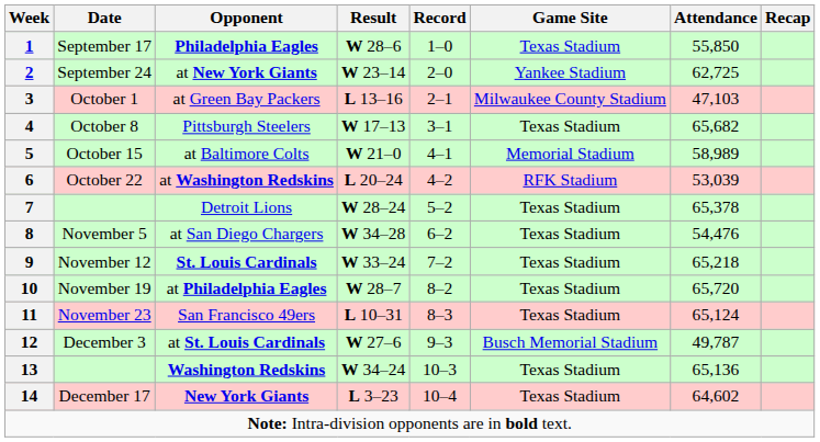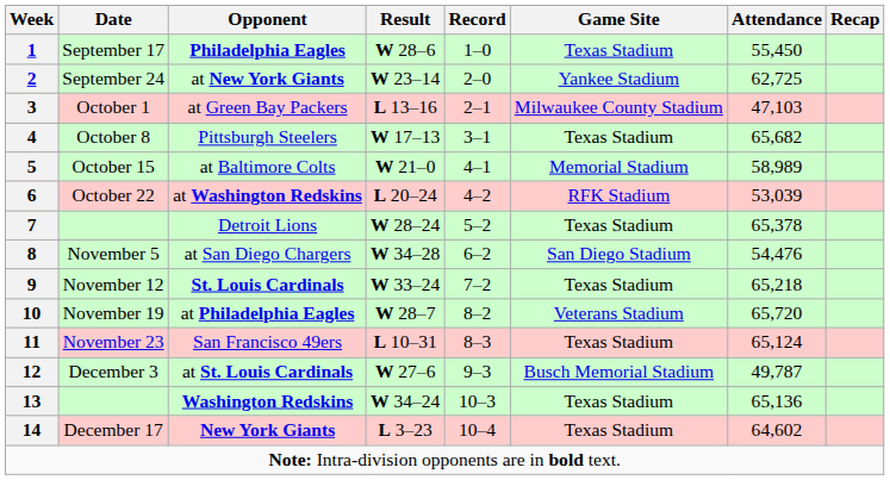 <table class="wikitable" style="text-align:center">
 <tr>
 <th>Week</th>
 <th>Date</th>
 <th>Opponent</th>
 <th>Result</th>
 <th>Record</th>
 <th>Game Site</th>
 <th>Attendance</th>
 <th>Recap</th>
 </tr>
 <tr style="background: #cfc">
 <th><a href='#'>1</a></th>
 <td>September 17</td>
 <td><strong><a href='#'>Philadelphia Eagles</a></strong></td>
 <td><strong>W</strong> 28–6</td>
 <td>1–0</td>
 <td><a href='#'>Texas Stadium</a></td>
-<td>55,850</td>
+<td>55,450</td>
 <td></td>
 </tr>
 <tr style="background: #cfc">
 <th><a href='#'>2</a></th>
 <td>September 24</td>
 <td>at <strong><a href='#'>New York Giants</a></strong></td>
 <td><strong>W</strong> 23–14</td>
 <td>2–0</td>
 <td><a href='#'>Yankee Stadium</a></td>
 <td>62,725</td>
 <td></td>
 </tr>
 <tr style="background: #fcc">
 <th>3</th>
 <td>October 1</td>
 <td>at <a href='#'>Green Bay Packers</a></td>
 <td><strong>L</strong> 13–16</td>
 <td>2–1</td>
 <td><a href='#'>Milwaukee County Stadium</a></td>
 <td>47,103</td>
 <td></td>
 </tr>
 <tr style="background: #cfc">
 <th>4</th>
 <td>October 8</td>
 <td><a href='#'>Pittsburgh Steelers</a></td>
 <td><strong>W</strong> 17–13</td>
 <td>3–1</td>
 <td>Texas Stadium</td>
 <td>65,682</td>
 <td></td>
 </tr>
 <tr style="background: #cfc">
 <th>5</th>
 <td>October 15</td>
 <td>at <a href='#'>Baltimore Colts</a></td>
 <td><strong>W</strong> 21–0</td>
 <td>4–1</td>
 <td><a href='#'>Memorial Stadium</a></td>
 <td>58,989</td>
 <td></td>
 </tr>
 <tr style="background: #fcc">
 <th>6</th>
 <td>October 22</td>
 <td>at <strong><a href='#'>Washington Redskins</a></strong></td>
 <td><strong>L</strong> 20–24</td>
 <td>4–2</td>
 <td><a href='#'>RFK Stadium</a></td>
 <td>53,039</td>
 <td></td>
 </tr>
 <tr style="background: #cfc">
 <th>7</th>
 <td></td>
 <td><a href='#'>Detroit Lions</a></td>
 <td><strong>W</strong> 28–24</td>
 <td>5–2</td>
 <td>Texas Stadium</td>
 <td>65,378</td>
 <td></td>
 </tr>
 <tr style="background: #cfc">
 <th>8</th>
 <td>November 5</td>
 <td>at <a href='#'>San Diego Chargers</a></td>
 <td><strong>W</strong> 34–28</td>
 <td>6–2</td>
-<td>Texas Stadium</td>
+<td><a href='#'>San Diego Stadium</a></td>
 <td>54,476</td>
 <td></td>
 </tr>
 <tr style="background: #cfc">
 <th>9</th>
 <td>November 12</td>
 <td><strong><a href='#'>St. Louis Cardinals</a></strong></td>
 <td><strong>W</strong> 33–24</td>
 <td>7–2</td>
 <td>Texas Stadium</td>
 <td>65,218</td>
 <td></td>
 </tr>
 <tr style="background: #cfc">
 <th>10</th>
 <td>November 19</td>
 <td>at <strong><a href='#'>Philadelphia Eagles</a></strong></td>
 <td><strong>W</strong> 28–7</td>
 <td>8–2</td>
-<td>Texas Stadium</td>
+<td><a href='#'>Veterans Stadium</a></td>
 <td>65,720</td>
 <td></td>
 </tr>
 <tr style="background: #fcc">
 <th>11</th>
 <td><a href='#'>November 23</a></td>
 <td><a href='#'>San Francisco 49ers</a></td>
 <td><strong>L</strong> 10–31</td>
 <td>8–3</td>
 <td>Texas Stadium</td>
 <td>65,124</td>
 <td></td>
 </tr>
 <tr style="background: #cfc">
 <th>12</th>
 <td>December 3</td>
 <td>at <strong><a href='#'>St. Louis Cardinals</a></strong></td>
 <td><strong>W</strong> 27–6</td>
 <td>9–3</td>
 <td><a href='#'>Busch Memorial Stadium</a></td>
 <td>49,787</td>
 <td></td>
 </tr>
 <tr style="background: #cfc">
 <th>13</th>
 <td></td>
 <td><strong><a href='#'>Washington Redskins</a></strong></td>
 <td><strong>W</strong> 34–24</td>
 <td>10–3</td>
 <td>Texas Stadium</td>
 <td>65,136</td>
 <td></td>
 </tr>
 <tr style="background: #fcc">
 <th>14</th>
 <td>December 17</td>
 <td><strong><a href='#'>New York Giants</a></strong></td>
 <td><strong>L</strong> 3–23</td>
 <td>10–4</td>
 <td>Texas Stadium</td>
 <td>64,602</td>
 <td></td>
 </tr>
 <tr>
 <td colspan="8"><strong>Note:</strong> Intra-division opponents are in <strong>bold</strong> text.</td>
 </tr>
 </table>
